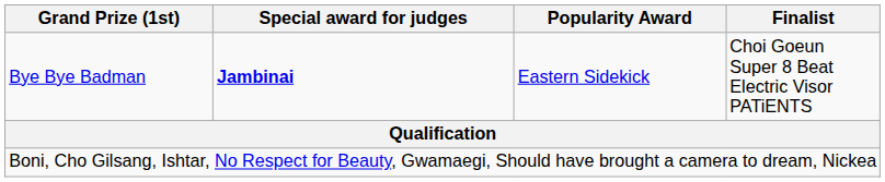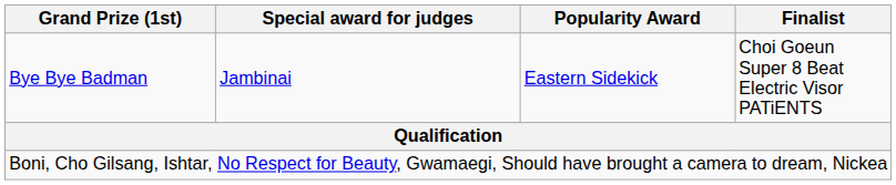 <table class="wikitable">
 <tr>
 <th scope="col">Grand Prize (1st)</th>
 <th scope="col">Special award for judges</th>
 <th scope="col">Popularity Award</th>
 <th scope="col">Finalist</th>
 </tr>
 <tr>
 <td scope="row"><a href='#'>Bye Bye Badman</a></td>
-<td scope="row"><strong><a href='#'>Jambinai</a></strong></td>
+<td scope="row"><a href='#'>Jambinai</a></td>
 <td scope="row"><a href='#'>Eastern Sidekick</a></td>
 <td scope="row">Choi Goeun<br>Super 8 Beat<br>Electric Visor<br>PATiENTS</td>
 </tr>
 <tr>
 <th colspan="4" align="center">Qualification</th>
 </tr>
 <tr>
 <td colspan="4" align="center">Boni, Cho Gilsang, Ishtar, <a href='#'>No Respect for Beauty</a>, Gwamaegi, Should have brought a camera to dream, Nickea</td>
 </tr>
 </table>
